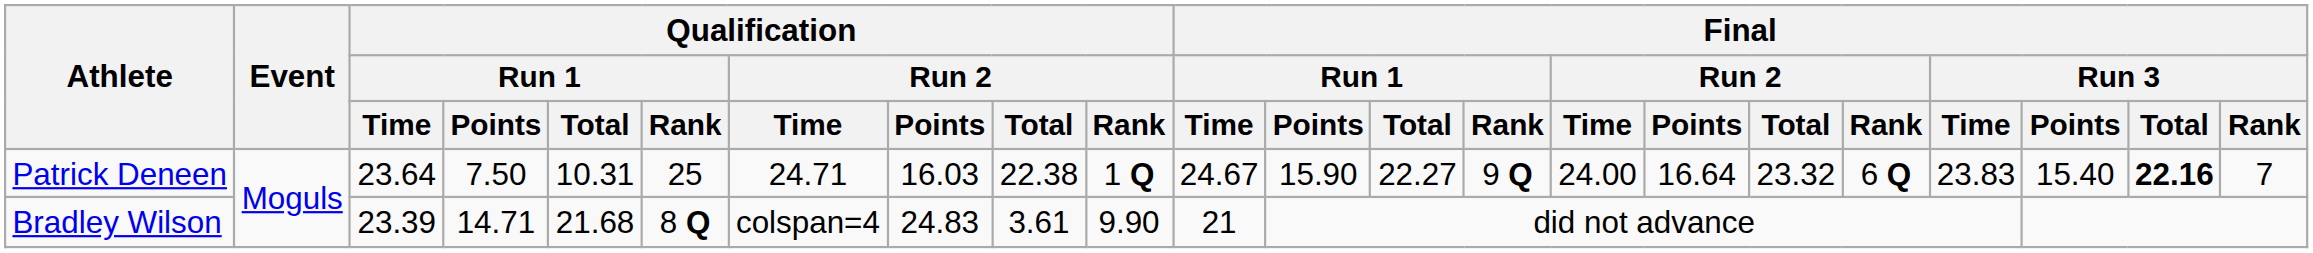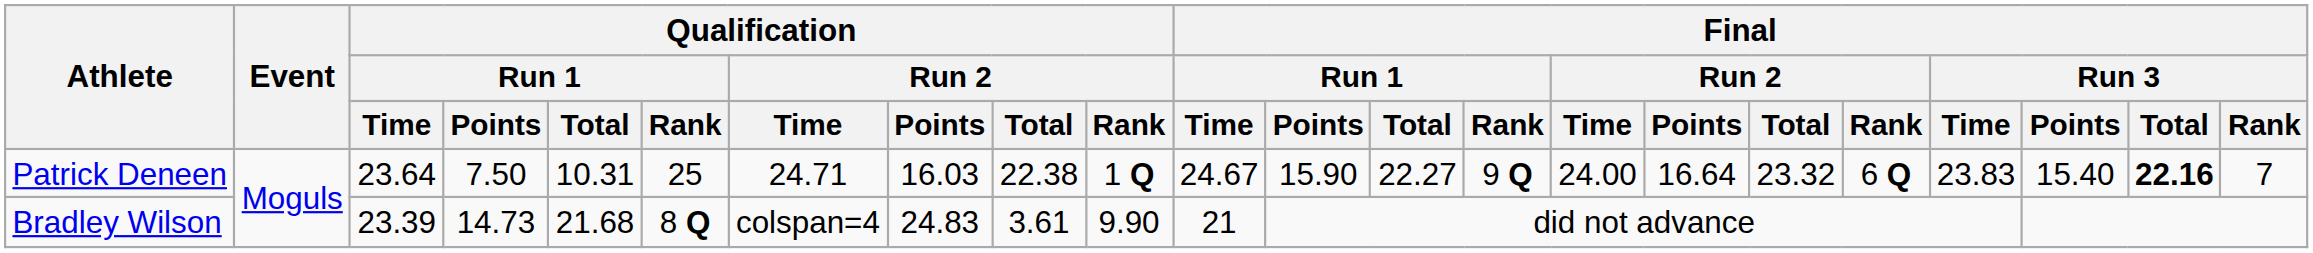 <table class=wikitable style=font-size:90%;text-align:center>
 <tr>
 <th rowspan=3>Athlete</th>
 <th rowspan=3>Event</th>
 <th colspan=8>Qualification</th>
 <th colspan=12>Final</th>
 </tr>
 <tr style=font-size:95%>
 <th colspan=4>Run 1</th>
 <th colspan=4>Run 2</th>
 <th colspan=4>Run 1</th>
 <th colspan=4>Run 2</th>
 <th colspan=4>Run 3</th>
 </tr>
 <tr style=font-size:95%>
 <th>Time</th>
 <th>Points</th>
 <th>Total</th>
 <th>Rank</th>
 <th>Time</th>
 <th>Points</th>
 <th>Total</th>
 <th>Rank</th>
 <th>Time</th>
 <th>Points</th>
 <th>Total</th>
 <th>Rank</th>
 <th>Time</th>
 <th>Points</th>
 <th>Total</th>
 <th>Rank</th>
 <th>Time</th>
 <th>Points</th>
 <th>Total</th>
 <th>Rank</th>
 </tr>
 <tr>
 <td align=left><a href='#'>Patrick Deneen</a></td>
 <td align=left rowspan=2><a href='#'>Moguls</a></td>
 <td>23.64</td>
 <td>7.50</td>
 <td>10.31</td>
 <td>25</td>
 <td>24.71</td>
 <td>16.03</td>
 <td>22.38</td>
 <td>1 <strong>Q</strong></td>
 <td>24.67</td>
 <td>15.90</td>
 <td>22.27</td>
 <td>9 <strong>Q</strong></td>
 <td>24.00</td>
 <td>16.64</td>
 <td>23.32</td>
 <td>6 <strong>Q</strong></td>
 <td>23.83</td>
 <td>15.40</td>
 <td><strong>22.16</strong></td>
 <td>7</td>
 </tr>
 <tr>
 <td align=left><a href='#'>Bradley Wilson</a></td>
 <td>23.39</td>
-<td>14.71</td>
+<td>14.73</td>
 <td>21.68</td>
 <td>8 <strong>Q</strong></td>
 <td>colspan=4 </td>
 <td>24.83</td>
 <td>3.61</td>
 <td>9.90</td>
 <td>21</td>
 <td colspan=8>did not advance</td>
 </tr>
 </table>
